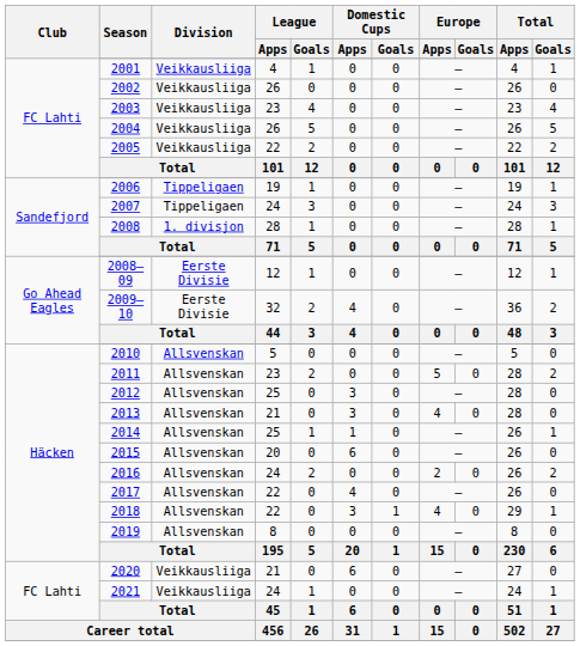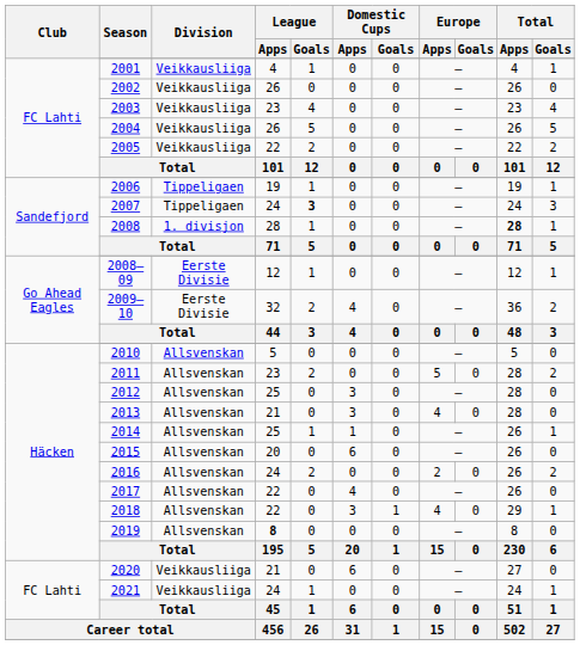 <table class="wikitable" style="text-align:center">
 <tr>
 <th rowspan=2>Club</th>
 <th rowspan=2>Season</th>
 <th rowspan=2>Division</th>
 <th colspan=2>League</th>
 <th colspan=2>Domestic Cups</th>
 <th colspan=2>Europe</th>
 <th colspan=2>Total</th>
 </tr>
 <tr>
 <th>Apps</th>
 <th>Goals</th>
 <th>Apps</th>
 <th>Goals</th>
 <th>Apps</th>
 <th>Goals</th>
 <th>Apps</th>
 <th>Goals</th>
 </tr>
 <tr>
 <td rowspan=7><a href='#'>FC Lahti</a></td>
 </tr>
 <tr>
 <td><a href='#'>2001</a></td>
 <td><a href='#'>Veikkausliiga</a></td>
 <td>4</td>
 <td>1</td>
 <td>0</td>
 <td>0</td>
 <td colspan="2">–</td>
 <td>4</td>
 <td>1</td>
 </tr>
 <tr>
 <td><a href='#'>2002</a></td>
 <td>Veikkausliiga</td>
 <td>26</td>
 <td>0</td>
 <td>0</td>
 <td>0</td>
 <td colspan="2">–</td>
 <td>26</td>
 <td>0</td>
 </tr>
 <tr>
 <td><a href='#'>2003</a></td>
 <td>Veikkausliiga</td>
 <td>23</td>
 <td>4</td>
 <td>0</td>
 <td>0</td>
 <td colspan="2">–</td>
 <td>23</td>
 <td>4</td>
 </tr>
 <tr>
 <td><a href='#'>2004</a></td>
 <td>Veikkausliiga</td>
 <td>26</td>
 <td>5</td>
 <td>0</td>
 <td>0</td>
 <td colspan="2">–</td>
 <td>26</td>
 <td>5</td>
 </tr>
 <tr>
 <td><a href='#'>2005</a></td>
 <td>Veikkausliiga</td>
 <td>22</td>
 <td>2</td>
 <td>0</td>
 <td>0</td>
 <td colspan="2">–</td>
 <td>22</td>
 <td>2</td>
 </tr>
 <tr>
 <th colspan="2">Total</th>
 <th>101</th>
 <th>12</th>
 <th>0</th>
 <th>0</th>
 <th>0</th>
 <th>0</th>
 <th>101</th>
 <th>12</th>
 </tr>
 <tr>
 <td rowspan=5><a href='#'>Sandefjord</a></td>
 </tr>
 <tr>
 <td><a href='#'>2006</a></td>
 <td><a href='#'>Tippeligaen</a></td>
 <td>19</td>
 <td>1</td>
 <td>0</td>
 <td>0</td>
 <td colspan="2">–</td>
 <td>19</td>
 <td>1</td>
 </tr>
 <tr>
 <td><a href='#'>2007</a></td>
 <td>Tippeligaen</td>
 <td>24</td>
-<td>3</td>
+<td><strong>3</strong></td>
 <td>0</td>
 <td>0</td>
 <td colspan="2">–</td>
 <td>24</td>
 <td>3</td>
 </tr>
 <tr>
 <td><a href='#'>2008</a></td>
 <td><a href='#'>1. divisjon</a></td>
 <td>28</td>
 <td>1</td>
 <td>0</td>
 <td>0</td>
 <td colspan="2">–</td>
-<td>28</td>
+<td><strong>28</strong></td>
 <td>1</td>
 </tr>
 <tr>
 <th colspan="2">Total</th>
 <th>71</th>
 <th>5</th>
 <th>0</th>
 <th>0</th>
 <th>0</th>
 <th>0</th>
 <th>71</th>
 <th>5</th>
 </tr>
 <tr>
 <td rowspan=4><a href='#'>Go Ahead Eagles</a></td>
 </tr>
 <tr>
 <td><a href='#'>2008–09</a></td>
 <td><a href='#'>Eerste Divisie</a></td>
 <td>12</td>
 <td>1</td>
 <td>0</td>
 <td>0</td>
 <td colspan="2">–</td>
 <td>12</td>
 <td>1</td>
 </tr>
 <tr>
 <td><a href='#'>2009–10</a></td>
 <td>Eerste Divisie</td>
 <td>32</td>
 <td>2</td>
 <td>4</td>
 <td>0</td>
 <td colspan="2">–</td>
 <td>36</td>
 <td>2</td>
 </tr>
 <tr>
 <th colspan="2">Total</th>
 <th>44</th>
 <th>3</th>
 <th>4</th>
 <th>0</th>
 <th>0</th>
 <th>0</th>
 <th>48</th>
 <th>3</th>
 </tr>
 <tr>
 <td rowspan=12><a href='#'>Häcken</a></td>
 </tr>
 <tr>
 <td><a href='#'>2010</a></td>
 <td><a href='#'>Allsvenskan</a></td>
 <td>5</td>
 <td>0</td>
 <td>0</td>
 <td>0</td>
 <td colspan="2">–</td>
 <td>5</td>
 <td>0</td>
 </tr>
 <tr>
 <td><a href='#'>2011</a></td>
 <td>Allsvenskan</td>
 <td>23</td>
 <td>2</td>
 <td>0</td>
 <td>0</td>
 <td>5</td>
 <td>0</td>
 <td>28</td>
 <td>2</td>
 </tr>
 <tr>
 <td><a href='#'>2012</a></td>
 <td>Allsvenskan</td>
 <td>25</td>
 <td>0</td>
 <td>3</td>
 <td>0</td>
 <td colspan="2">–</td>
 <td>28</td>
 <td>0</td>
 </tr>
 <tr>
 <td><a href='#'>2013</a></td>
 <td>Allsvenskan</td>
 <td>21</td>
 <td>0</td>
 <td>3</td>
 <td>0</td>
 <td>4</td>
 <td>0</td>
 <td>28</td>
 <td>0</td>
 </tr>
 <tr>
 <td><a href='#'>2014</a></td>
 <td>Allsvenskan</td>
 <td>25</td>
 <td>1</td>
 <td>1</td>
 <td>0</td>
 <td colspan="2">–</td>
 <td>26</td>
 <td>1</td>
 </tr>
 <tr>
 <td><a href='#'>2015</a></td>
 <td>Allsvenskan</td>
 <td>20</td>
 <td>0</td>
 <td>6</td>
 <td>0</td>
 <td colspan="2">–</td>
 <td>26</td>
 <td>0</td>
 </tr>
 <tr>
 <td><a href='#'>2016</a></td>
 <td>Allsvenskan</td>
 <td>24</td>
 <td>2</td>
 <td>0</td>
 <td>0</td>
 <td>2</td>
 <td>0</td>
 <td>26</td>
 <td>2</td>
 </tr>
 <tr>
 <td><a href='#'>2017</a></td>
 <td>Allsvenskan</td>
 <td>22</td>
 <td>0</td>
 <td>4</td>
 <td>0</td>
 <td colspan="2">–</td>
 <td>26</td>
 <td>0</td>
 </tr>
 <tr>
 <td><a href='#'>2018</a></td>
 <td>Allsvenskan</td>
 <td>22</td>
 <td>0</td>
 <td>3</td>
 <td>1</td>
 <td>4</td>
 <td>0</td>
 <td>29</td>
 <td>1</td>
 </tr>
 <tr>
 <td><a href='#'>2019</a></td>
 <td>Allsvenskan</td>
-<td>8</td>
+<td><strong>8</strong></td>
 <td>0</td>
 <td>0</td>
 <td>0</td>
 <td colspan="2">–</td>
 <td>8</td>
 <td>0</td>
 </tr>
 <tr>
 <th colspan="2">Total</th>
 <th>195</th>
 <th>5</th>
 <th>20</th>
 <th>1</th>
 <th>15</th>
 <th>0</th>
 <th>230</th>
 <th>6</th>
 </tr>
 <tr>
 <td rowspan=3>FC Lahti</td>
 <td><a href='#'>2020</a></td>
 <td>Veikkausliiga</td>
 <td>21</td>
 <td>0</td>
 <td>6</td>
 <td>0</td>
 <td colspan="2">–</td>
 <td>27</td>
 <td>0</td>
 </tr>
 <tr>
 <td><a href='#'>2021</a></td>
 <td>Veikkausliiga</td>
 <td>24</td>
 <td>1</td>
 <td>0</td>
 <td>0</td>
 <td colspan="2">–</td>
 <td>24</td>
 <td>1</td>
 </tr>
 <tr>
 <th colspan="2">Total</th>
 <th>45</th>
 <th>1</th>
 <th>6</th>
 <th>0</th>
 <th>0</th>
 <th>0</th>
 <th>51</th>
 <th>1</th>
 </tr>
 <tr>
 <th colspan="3">Career total</th>
 <th>456</th>
 <th>26</th>
 <th>31</th>
 <th>1</th>
 <th>15</th>
 <th>0</th>
 <th>502</th>
 <th>27</th>
 </tr>
 <tr>
 </tr>
 </table>
